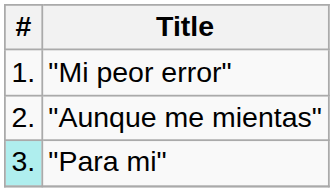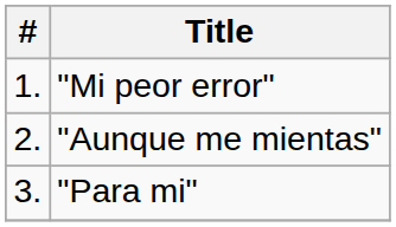 <table class="wikitable">
 <tr>
 <th>#</th>
 <th>Title</th>
 </tr>
 <tr>
 <td>1.</td>
 <td>"Mi peor error"</td>
 </tr>
 <tr>
 <td>2.</td>
 <td>"Aunque me mientas"</td>
 </tr>
 <tr>
-<td style="background: paleturquoise;">3.</td>
+<td>3.</td>
 <td>"Para mi"</td>
 </tr>
 <tr>
 </tr>
 </table>
